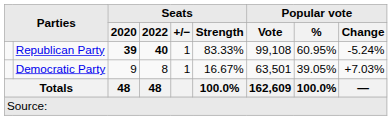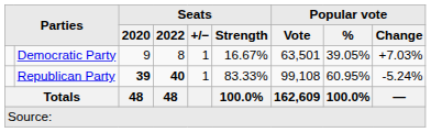 <table class=wikitable>
 <tr>
 <th style="background:#e9e9e9; text-align:center" rowspan="2" colspan="2">Parties</th>
 <th style="background:#e9e9e9; text-align:center" colspan="4">Seats</th>
 <th style="background:#e9e9e9; text-align:center" colspan="3">Popular vote</th>
 </tr>
 <tr style="background:#e9e9e9">
 <th>2020</th>
 <th>2022</th>
 <th>+/−</th>
 <th>Strength</th>
 <th>Vote</th>
 <th>%</th>
 <th>Change</th>
 </tr>
 <tr>
 <td style="background-color:"> </td>
+<td><a href='#'>Democratic Party</a></td>
+<td align=right>9</td>
+<td align=right>8</td>
+<td align=right> 1</td>
+<td align=right>16.67%</td>
+<td align=right>63,501</td>
+<td align=right>39.05%</td>
+<td align=right>+7.03%</td>
+</tr>
+<tr>
+<td style="background-color:"> </td>
 <td><a href='#'>Republican Party</a></td>
 <td align=right><strong>39</strong></td>
 <td align=right><strong>40</strong></td>
 <td align=right> 1</td>
 <td align=right>83.33%</td>
 <td align=right>99,108</td>
 <td align=right>60.95%</td>
 <td align=right>-5.24%</td>
-</tr>
-<tr>
-<td style="background-color:"> </td>
-<td><a href='#'>Democratic Party</a></td>
-<td align=right>9</td>
-<td align=right>8</td>
-<td align=right> 1</td>
-<td align=right>16.67%</td>
-<td align=right>63,501</td>
-<td align=right>39.05%</td>
-<td align=right>+7.03%</td>
 </tr>
 <tr style="background:#ccc">
 <th colspan=2><strong>Totals</strong></th>
 <th>48</th>
 <th>48</th>
 <th></th>
 <th>100.0%</th>
 <th>162,609</th>
 <th>100.0%</th>
 <th>—</th>
 </tr>
 <tr bgcolor=E9E9E9>
 <td align="left" colspan=9>Source:</td>
 </tr>
 </table>
